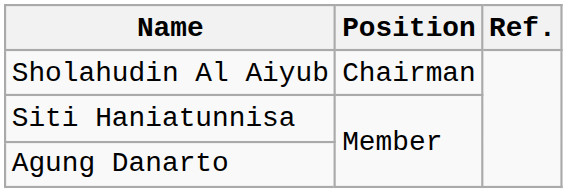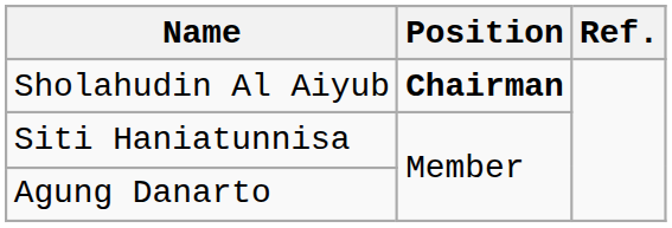 <table class="wikitable">
 <tr>
 <th>Name</th>
 <th>Position</th>
 <th>Ref.</th>
 </tr>
 <tr>
 <td>Sholahudin Al Aiyub</td>
-<td>Chairman</td>
+<td><strong>Chairman</strong></td>
 <td rowspan="3"></td>
 </tr>
 <tr>
 <td>Siti Haniatunnisa</td>
 <td rowspan="2">Member</td>
 </tr>
 <tr>
 <td>Agung Danarto</td>
 </tr>
 </table>
